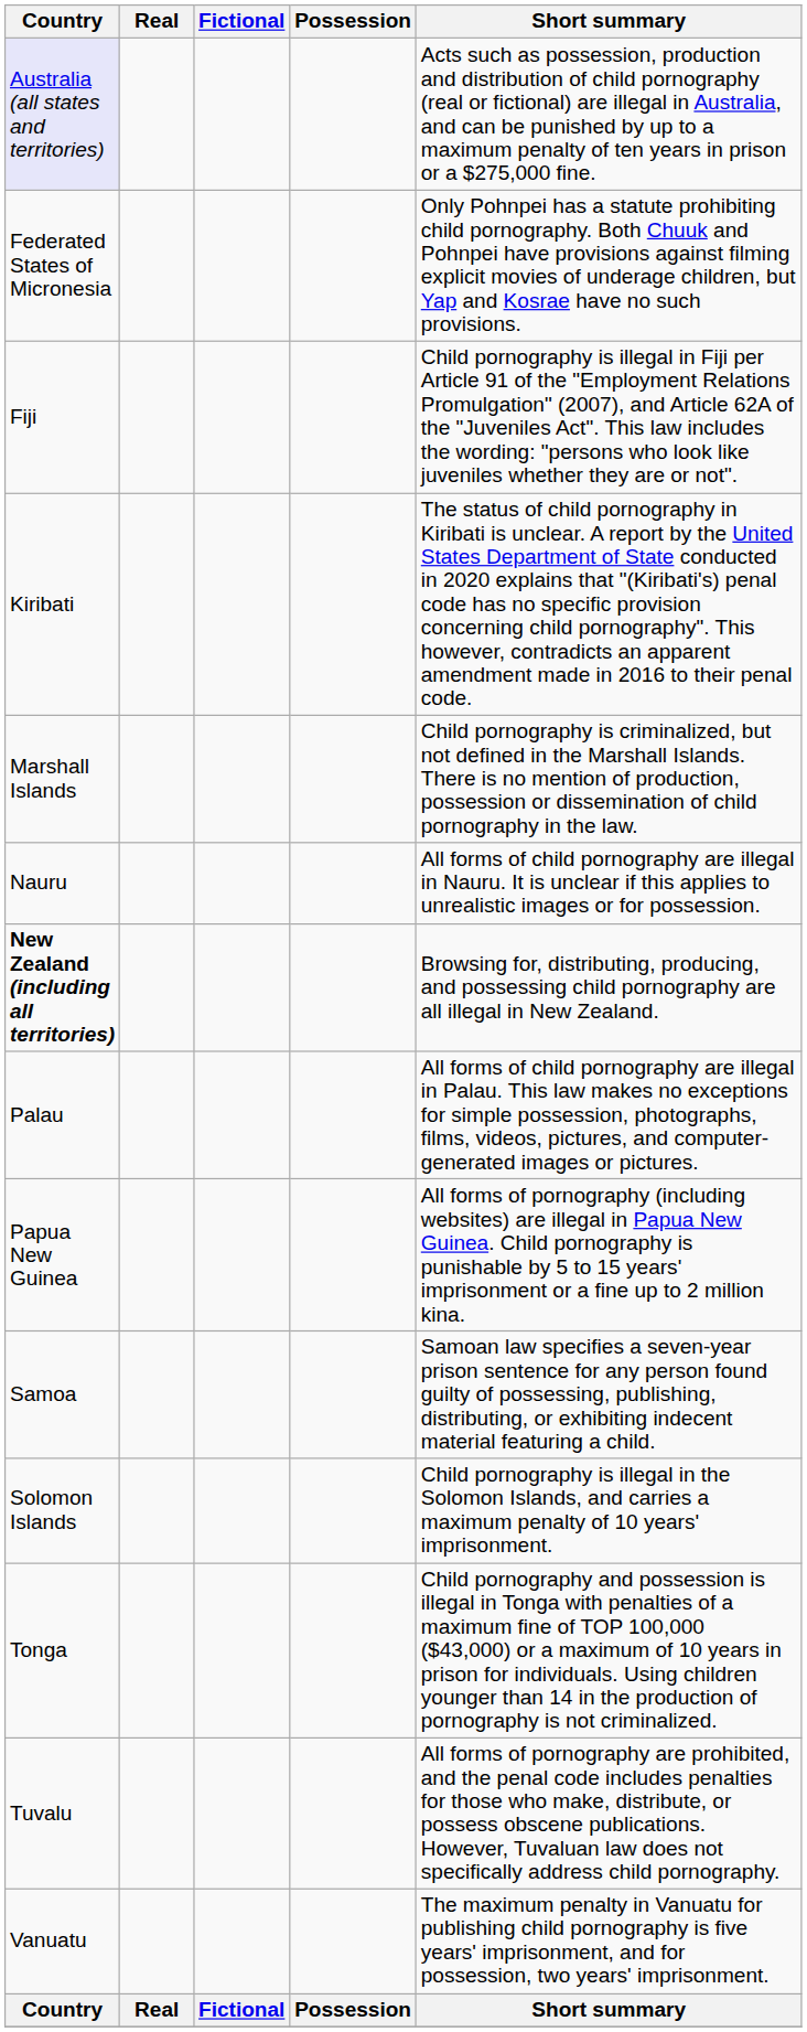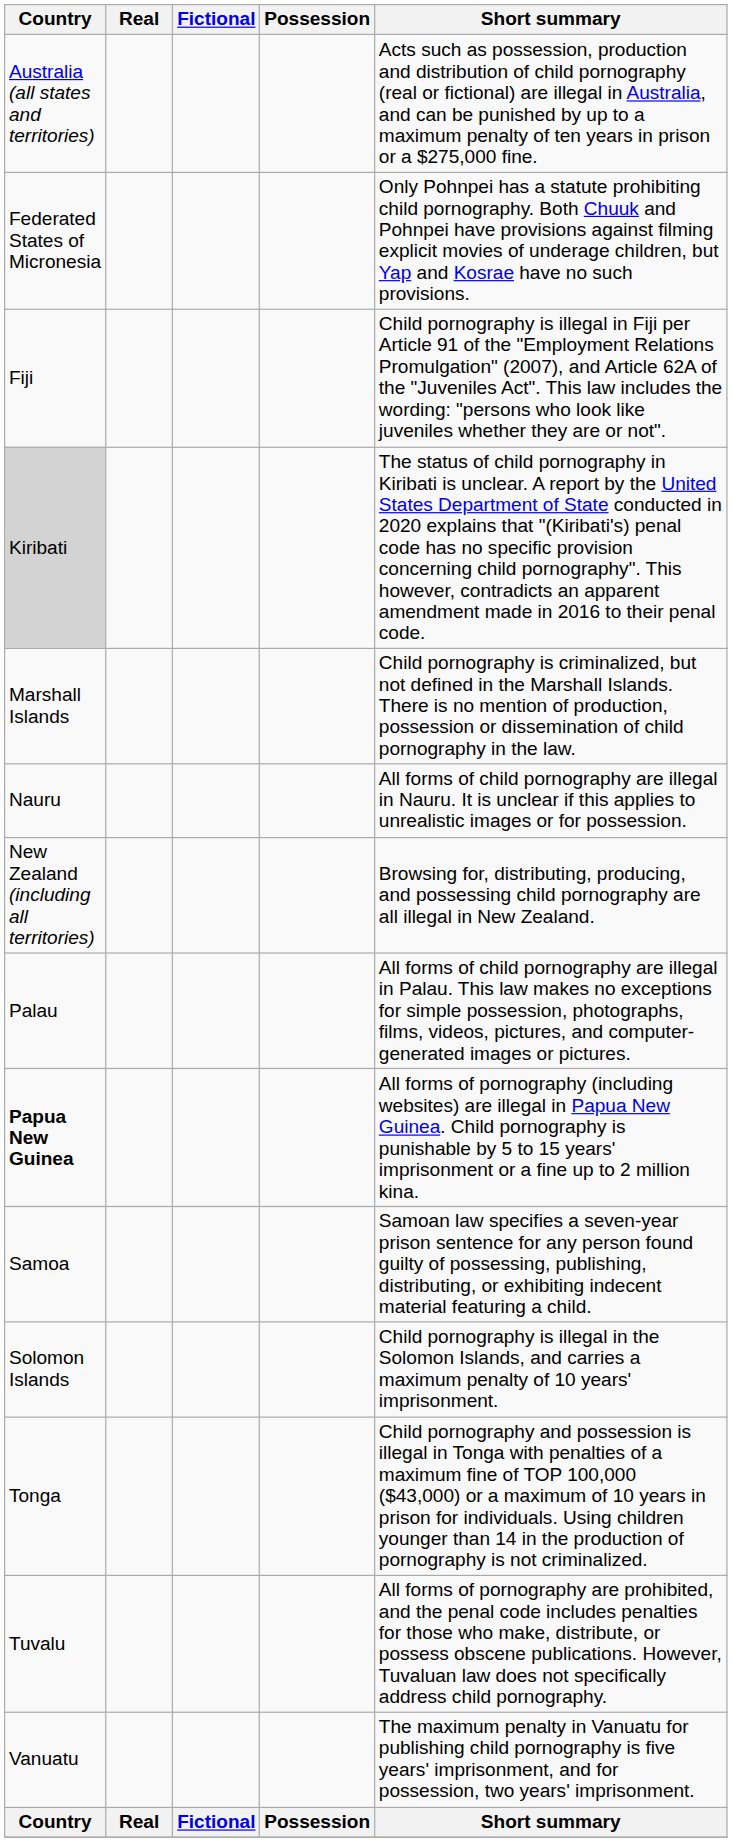 <table class="wikitable sortable">
 <tr>
 <th style="width: 13%">Country</th>
 <th style="width: 10%">Real</th>
 <th style="width: 10%"><a href='#'>Fictional</a></th>
 <th style="width: 10%">Possession</th>
 <th style="width: 57%" class="unsortable">Short summary</th>
 </tr>
 <tr>
-<td style="background: lavender;"><a href='#'>Australia</a> <em>(all states and territories)</em></td>
+<td><a href='#'>Australia</a> <em>(all states and territories)</em></td>
 <td></td>
 <td></td>
 <td></td>
 <td>Acts such as possession, production and distribution of child pornography (real or fictional) are illegal in <a href='#'>Australia</a>, and can be punished by up to a maximum penalty of ten years in prison or a $275,000 fine.</td>
 </tr>
 <tr>
 <td>Federated States of Micronesia</td>
 <td></td>
 <td></td>
 <td></td>
 <td>Only Pohnpei has a statute prohibiting child pornography. Both <a href='#'>Chuuk</a> and Pohnpei have provisions against filming explicit movies of underage children, but <a href='#'>Yap</a> and <a href='#'>Kosrae</a> have no such provisions.</td>
 </tr>
 <tr>
 <td>Fiji</td>
 <td></td>
 <td></td>
 <td></td>
 <td>Child pornography is illegal in Fiji per Article 91 of the "Employment Relations Promulgation" (2007), and Article 62A of the "Juveniles Act". This law includes the wording: "persons who look like juveniles whether they are or not".</td>
 </tr>
 <tr>
-<td>Kiribati</td>
+<td style="background: lightgrey;">Kiribati</td>
 <td></td>
 <td></td>
 <td></td>
 <td>The status of child pornography in Kiribati is unclear. A report by the <a href='#'>United States Department of State</a> conducted in 2020 explains that "(Kiribati's) penal code has no specific provision concerning child pornography". This however, contradicts an apparent amendment made in 2016 to their penal code.</td>
 </tr>
 <tr>
 <td>Marshall Islands</td>
 <td></td>
 <td></td>
 <td></td>
 <td>Child pornography is criminalized, but not defined in the Marshall Islands. There is no mention of production, possession or dissemination of child pornography in the law.</td>
 </tr>
 <tr>
 <td>Nauru</td>
 <td></td>
 <td></td>
 <td></td>
 <td>All forms of child pornography are illegal in Nauru. It is unclear if this applies to unrealistic images or for possession.</td>
 </tr>
 <tr>
-<td><strong>New Zealand <em>(including all territories)</em></strong></td>
+<td>New Zealand <em>(including all territories)</em></td>
 <td></td>
 <td></td>
 <td></td>
 <td>Browsing for, distributing, producing, and possessing child pornography are all illegal in New Zealand.</td>
 </tr>
 <tr>
 <td>Palau</td>
 <td></td>
 <td></td>
 <td></td>
 <td>All forms of child pornography are illegal in Palau. This law makes no exceptions for simple possession, photographs, films, videos, pictures, and computer-generated images or pictures.</td>
 </tr>
 <tr>
-<td>Papua New Guinea</td>
+<td><strong>Papua New Guinea</strong></td>
 <td></td>
 <td></td>
 <td></td>
 <td>All forms of pornography (including websites) are illegal in <a href='#'>Papua New Guinea</a>. Child pornography is punishable by 5 to 15 years' imprisonment or a fine up to 2 million kina.</td>
 </tr>
 <tr>
 <td>Samoa</td>
 <td></td>
 <td></td>
 <td></td>
 <td>Samoan law specifies a seven-year prison sentence for any person found guilty of possessing, publishing, distributing, or exhibiting indecent material featuring a child.</td>
 </tr>
 <tr>
 <td>Solomon Islands</td>
 <td></td>
 <td></td>
 <td></td>
 <td>Child pornography is illegal in the Solomon Islands, and carries a maximum penalty of 10 years' imprisonment. </td>
 </tr>
 <tr>
 <td>Tonga</td>
 <td></td>
 <td></td>
 <td></td>
 <td>Child pornography and possession is illegal in Tonga with penalties of a maximum fine of TOP 100,000 ($43,000) or a maximum of 10 years in prison for individuals. Using children younger than 14 in the production of pornography is not criminalized.</td>
 </tr>
 <tr>
 <td>Tuvalu</td>
 <td></td>
 <td></td>
 <td></td>
 <td>All forms of pornography are prohibited, and the penal code includes penalties for those who make, distribute, or possess obscene publications. However, Tuvaluan law does not specifically address child pornography.</td>
 </tr>
 <tr>
 <td>Vanuatu</td>
 <td></td>
 <td></td>
 <td></td>
 <td>The maximum penalty in Vanuatu for publishing child pornography is five years' imprisonment, and for possession, two years' imprisonment.</td>
 </tr>
 <tr>
 <th style="width: 13%">Country</th>
 <th style="width: 10%">Real</th>
 <th style="width: 10%"><a href='#'>Fictional</a></th>
 <th style="width: 10%">Possession</th>
 <th style="width: 57%" class="unsortable">Short summary</th>
 </tr>
 <tr>
 </tr>
 </table>
